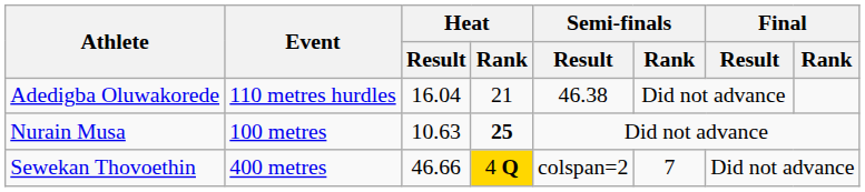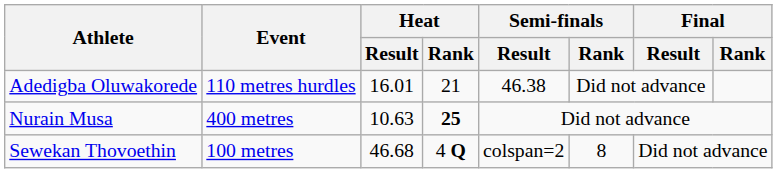 <table class="wikitable" style="font-size:90%; text-align:center">
 <tr>
 <th rowspan="2">Athlete</th>
 <th rowspan="2">Event</th>
 <th colspan="2">Heat</th>
 <th colspan="2">Semi-finals</th>
 <th colspan="2">Final</th>
 </tr>
 <tr>
 <th>Result</th>
 <th>Rank</th>
 <th>Result</th>
 <th>Rank</th>
 <th>Result</th>
 <th>Rank</th>
 </tr>
 <tr>
 <td align="left"><a href='#'>Adedigba Oluwakorede</a></td>
 <td align="left"><a href='#'>110 metres hurdles</a></td>
-<td>16.04</td>
+<td>16.01</td>
 <td>21</td>
 <td>46.38 </td>
 <td colspan=2>Did not advance</td>
 </tr>
 <tr>
 <td align="left"><a href='#'>Nurain Musa</a></td>
-<td align="left"><a href='#'>100 metres</a></td>
+<td align="left"><a href='#'>400 metres</a></td>
 <td>10.63</td>
 <td><strong>25</strong></td>
 <td colspan=4>Did not advance</td>
 </tr>
 <tr>
 <td align="left"><a href='#'>Sewekan Thovoethin</a></td>
-<td align="left"><a href='#'>400 metres</a></td>
-<td>46.66 </td>
-<td style="background: gold;">4 <strong>Q</strong></td>
+<td align="left"><a href='#'>100 metres</a></td>
+<td>46.68 </td>
+<td>4 <strong>Q</strong></td>
 <td>colspan=2 </td>
-<td>7</td>
+<td>8</td>
 <td colspan=2>Did not advance</td>
 </tr>
 </table>
